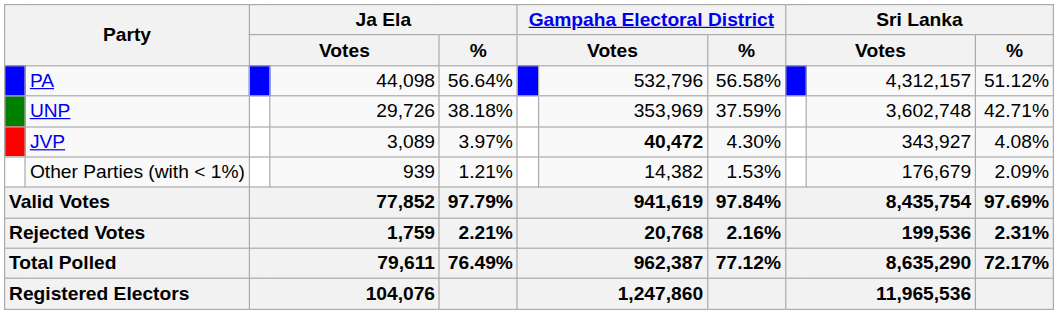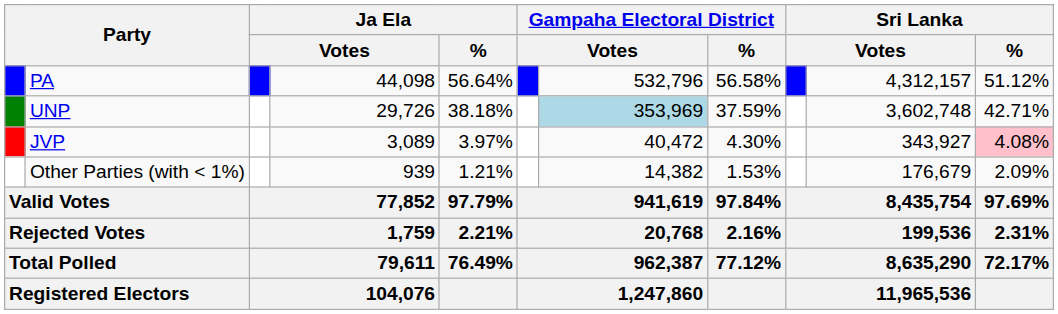 <table class="wikitable">
 <tr>
 <th colspan="2" width="144px"rowspan="2">Party</th>
 <th colspan="3" width="216px">Ja Ela</th>
 <th colspan="3" width="216px"><a href='#'>Gampaha Electoral District</a></th>
 <th colspan="3" width="216px">Sri Lanka</th>
 </tr>
 <tr>
 <th colspan="2" width="144px">Votes</th>
 <th>%</th>
 <th colspan="2" width="144px">Votes</th>
 <th>%</th>
 <th colspan="2" width="144px">Votes</th>
 <th>%</th>
 </tr>
 <tr>
 <td style="background-color:blue;" width="10px"></td>
 <td style="text-align:left;"><a href='#'>PA</a></td>
 <td style="background-color:blue;" width="10px"></td>
 <td style="text-align:right;">44,098</td>
 <td style="text-align:right;">56.64%</td>
 <td style="background-color:blue;" width="10px"></td>
 <td style="text-align:right;">532,796</td>
 <td style="text-align:right;">56.58%</td>
 <td style="background-color:blue;" width="10px"></td>
 <td style="text-align:right;">4,312,157</td>
 <td style="text-align:right;">51.12%</td>
 </tr>
 <tr>
 <td style="background-color:green;" width="10px"></td>
 <td style="text-align:left;"><a href='#'>UNP</a></td>
 <td style="background-color:white;" width="10px"></td>
 <td style="text-align:right;">29,726</td>
 <td style="text-align:right;">38.18%</td>
 <td style="background-color:white;" width="10px"></td>
-<td style="text-align:right;">353,969</td>
+<td style="background: lightblue; text-align:right;">353,969</td>
 <td style="text-align:right;">37.59%</td>
 <td style="background-color:white;" width="10px"></td>
 <td style="text-align:right;">3,602,748</td>
 <td style="text-align:right;">42.71%</td>
 </tr>
 <tr>
 <td style="background-color:red;" width="10px"></td>
 <td style="text-align:left;"><a href='#'>JVP</a></td>
 <td style="background-color:white;" width="10px"></td>
 <td style="text-align:right;">3,089</td>
 <td style="text-align:right;">3.97%</td>
 <td style="background-color:white;" width="10px"></td>
-<td style="text-align:right;"><strong>40,472</strong></td>
+<td style="text-align:right;">40,472</td>
 <td style="text-align:right;">4.30%</td>
 <td style="background-color:white;" width="10px"></td>
 <td style="text-align:right;">343,927</td>
-<td style="text-align:right;">4.08%</td>
+<td style="background: pink; text-align:right;">4.08%</td>
 </tr>
 <tr>
 <td style="background-color:white;" width="10px"></td>
 <td style="text-align:left;">Other Parties (with < 1%)</td>
 <td style="background-color:white;" width="10px"></td>
 <td style="text-align:right;">939</td>
 <td style="text-align:right;">1.21%</td>
 <td style="background-color:white;" width="10px"></td>
 <td style="text-align:right;">14,382</td>
 <td style="text-align:right;">1.53%</td>
 <td style="background-color:white;" width="10px"></td>
 <td style="text-align:right;">176,679</td>
 <td style="text-align:right;">2.09%</td>
 </tr>
 <tr>
 <th colspan="2" width="144px"style="text-align:left;">Valid Votes</th>
 <th style="text-align:right;"colspan="2" width="144px">77,852</th>
 <th style="text-align:right;">97.79%</th>
 <th style="text-align:right;"colspan="2" width="144px">941,619</th>
 <th style="text-align:right;">97.84%</th>
 <th style="text-align:right;"colspan="2" width="144px">8,435,754</th>
 <th style="text-align:right;">97.69%</th>
 </tr>
 <tr>
 <th colspan="2" width="144px"style="text-align:left;">Rejected Votes</th>
 <th style="text-align:right;"colspan="2" width="144px">1,759</th>
 <th style="text-align:right;">2.21%</th>
 <th style="text-align:right;"colspan="2" width="144px">20,768</th>
 <th style="text-align:right;">2.16%</th>
 <th style="text-align:right;"colspan="2" width="144px">199,536</th>
 <th style="text-align:right;">2.31%</th>
 </tr>
 <tr>
 <th colspan="2" width="144px"style="text-align:left;">Total Polled</th>
 <th style="text-align:right;"colspan="2" width="144px">79,611</th>
 <th style="text-align:right;">76.49%</th>
 <th style="text-align:right;"colspan="2" width="144px">962,387</th>
 <th style="text-align:right;">77.12%</th>
 <th style="text-align:right;"colspan="2" width="144px">8,635,290</th>
 <th style="text-align:right;">72.17%</th>
 </tr>
 <tr>
 <th colspan="2" width="144px"style="text-align:left;">Registered Electors</th>
 <th style="text-align:right;"colspan="2" width="144px">104,076</th>
 <th></th>
 <th style="text-align:right;"colspan="2" width="144px">1,247,860</th>
 <th></th>
 <th style="text-align:right;"colspan="2" width="144px">11,965,536</th>
 <th></th>
 </tr>
 </table>
